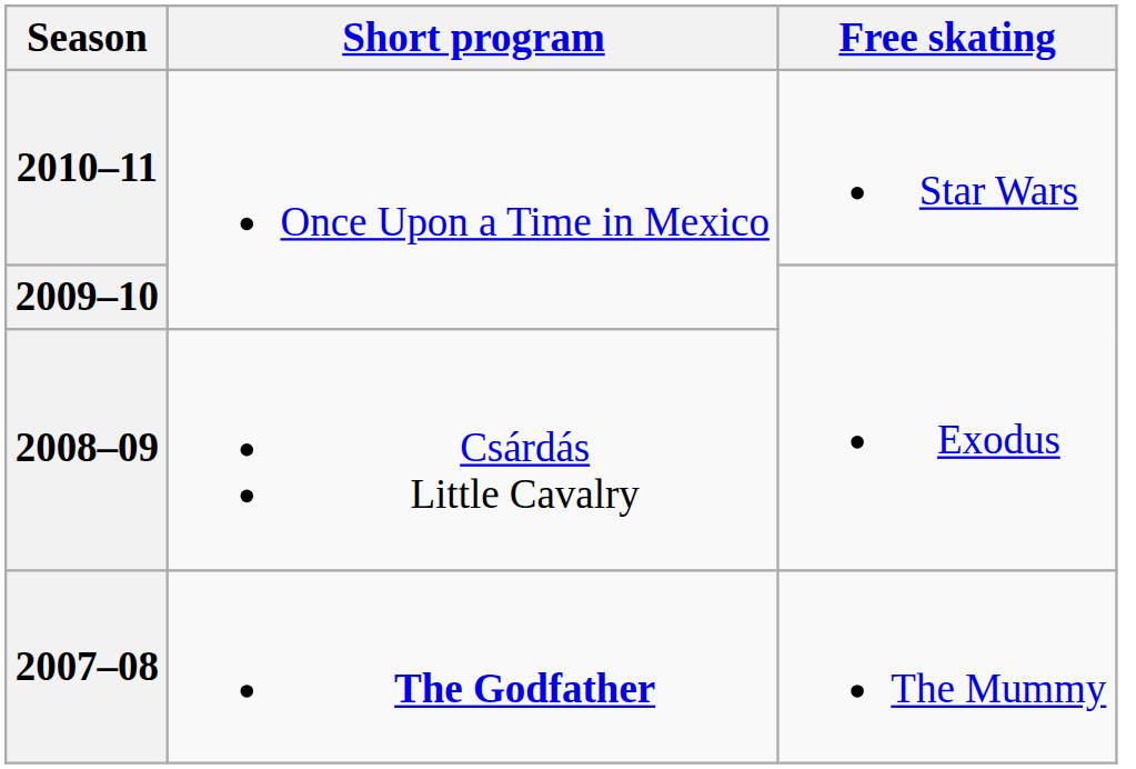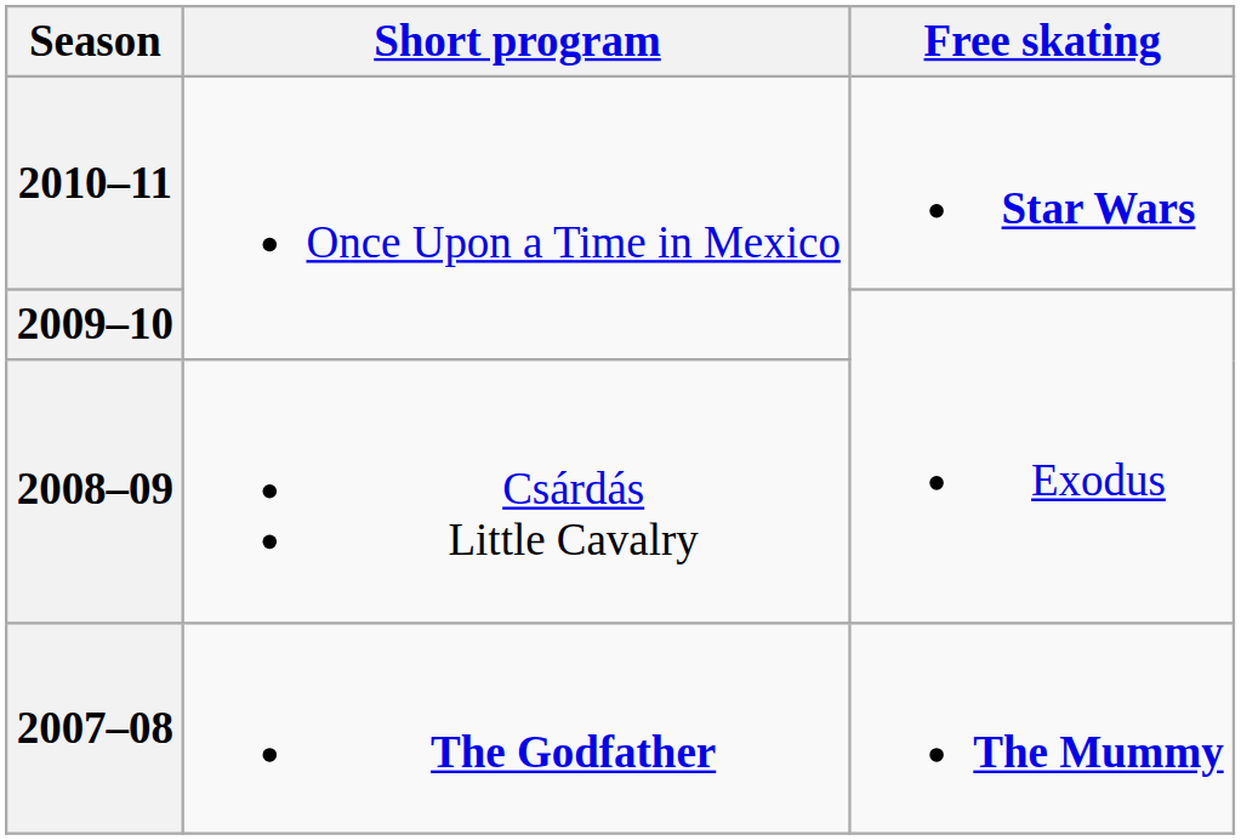 <table class="wikitable" style="text-align:center">
 <tr>
 <th>Season</th>
 <th><a href='#'>Short program</a></th>
 <th><a href='#'>Free skating</a></th>
 </tr>
 <tr>
 <th>2010–11 <br></th>
 <td rowspan=2><br><ul><li><a href='#'>Once Upon a Time in Mexico</a> <br></li></ul></td>
-<td><br><ul><li><a href='#'>Star Wars</a> <br></li></ul></td>
+<td><strong><br><ul><li><a href='#'>Star Wars</a> <br></li></ul></strong></td>
 </tr>
 <tr>
 <th>2009–10 <br></th>
 <td rowspan=2><br><ul><li><a href='#'>Exodus</a></li></ul></td>
 </tr>
 <tr>
 <th>2008–09 <br></th>
 <td><br><ul><li><a href='#'>Csárdás</a></li><li>Little Cavalry</li></ul></td>
 </tr>
 <tr>
 <th>2007–08 <br></th>
 <td><strong><br><ul><li><a href='#'>The Godfather</a> <br></li></ul></strong></td>
-<td><br><ul><li><a href='#'>The Mummy</a> <br></li></ul></td>
+<td><strong><br><ul><li><a href='#'>The Mummy</a> <br></li></ul></strong></td>
 </tr>
 </table>
